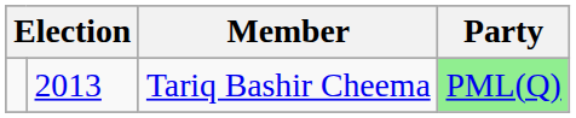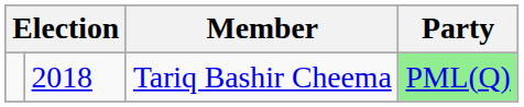 <table class="wikitable">
 <tr>
 <th colspan="2">Election</th>
 <th>Member</th>
 <th>Party</th>
 </tr>
 <tr>
 <td style="background-color: "></td>
-<td><a href='#'>2013</a></td>
+<td><a href='#'>2018</a></td>
 <td><a href='#'>Tariq Bashir Cheema</a></td>
 <td style="background: lightgreen;"><a href='#'>PML(Q)</a></td>
 </tr>
 </table>
